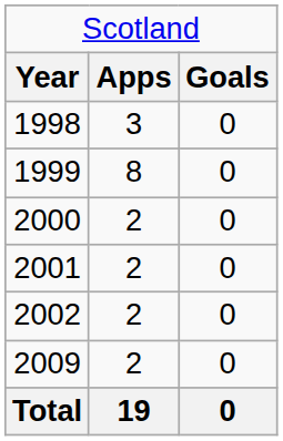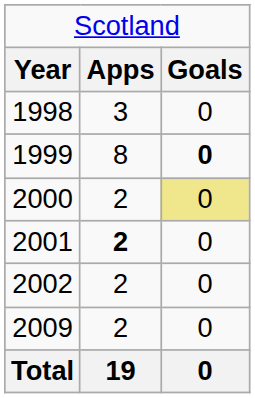 <table class="wikitable" style="text-align:center">
 <tr>
 <td colspan=3><a href='#'>Scotland</a></td>
 </tr>
 <tr>
 <th>Year</th>
 <th>Apps</th>
 <th>Goals</th>
 </tr>
 <tr>
 <td>1998</td>
 <td>3</td>
 <td>0</td>
 </tr>
 <tr>
 <td>1999</td>
 <td>8</td>
-<td>0</td>
+<td><strong>0</strong></td>
 </tr>
 <tr>
 <td>2000</td>
 <td>2</td>
-<td>0</td>
+<td style="background: khaki;">0</td>
 </tr>
 <tr>
 <td>2001</td>
-<td>2</td>
+<td><strong>2</strong></td>
 <td>0</td>
 </tr>
 <tr>
 <td>2002</td>
 <td>2</td>
 <td>0</td>
 </tr>
 <tr>
 <td>2009</td>
 <td>2</td>
 <td>0</td>
 </tr>
 <tr>
 <th>Total</th>
 <th>19</th>
 <th>0</th>
 </tr>
 </table>
